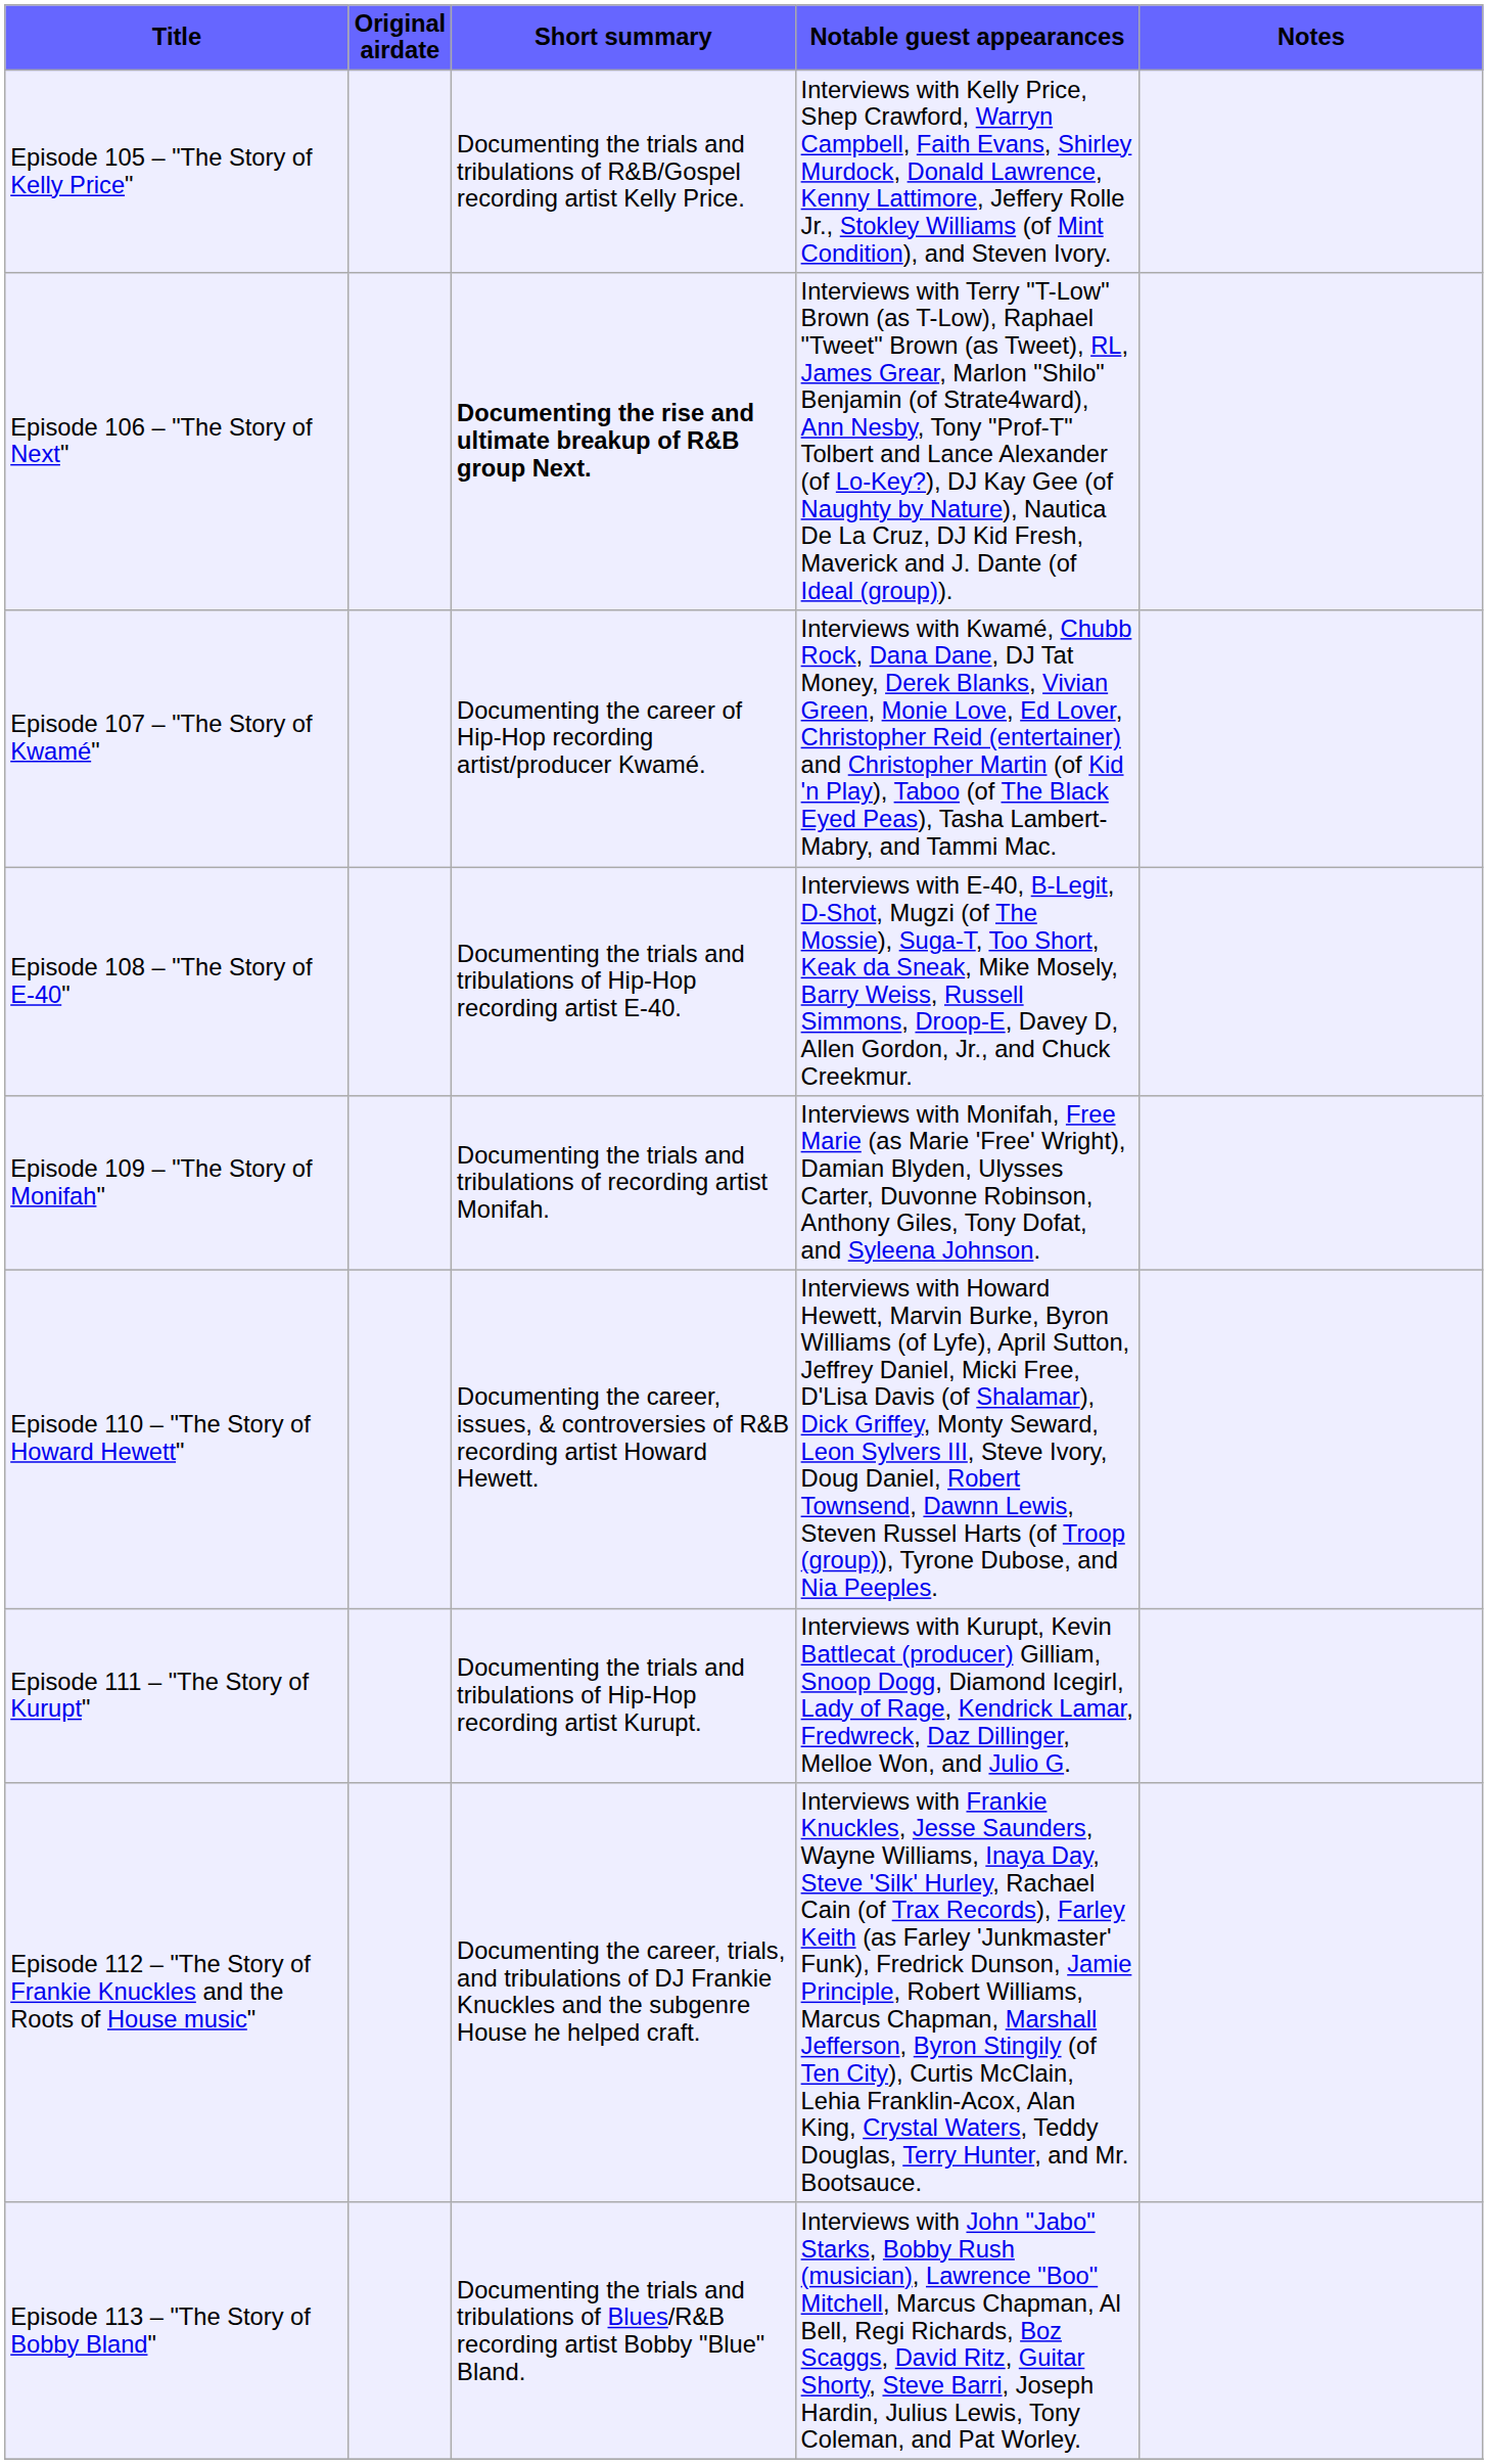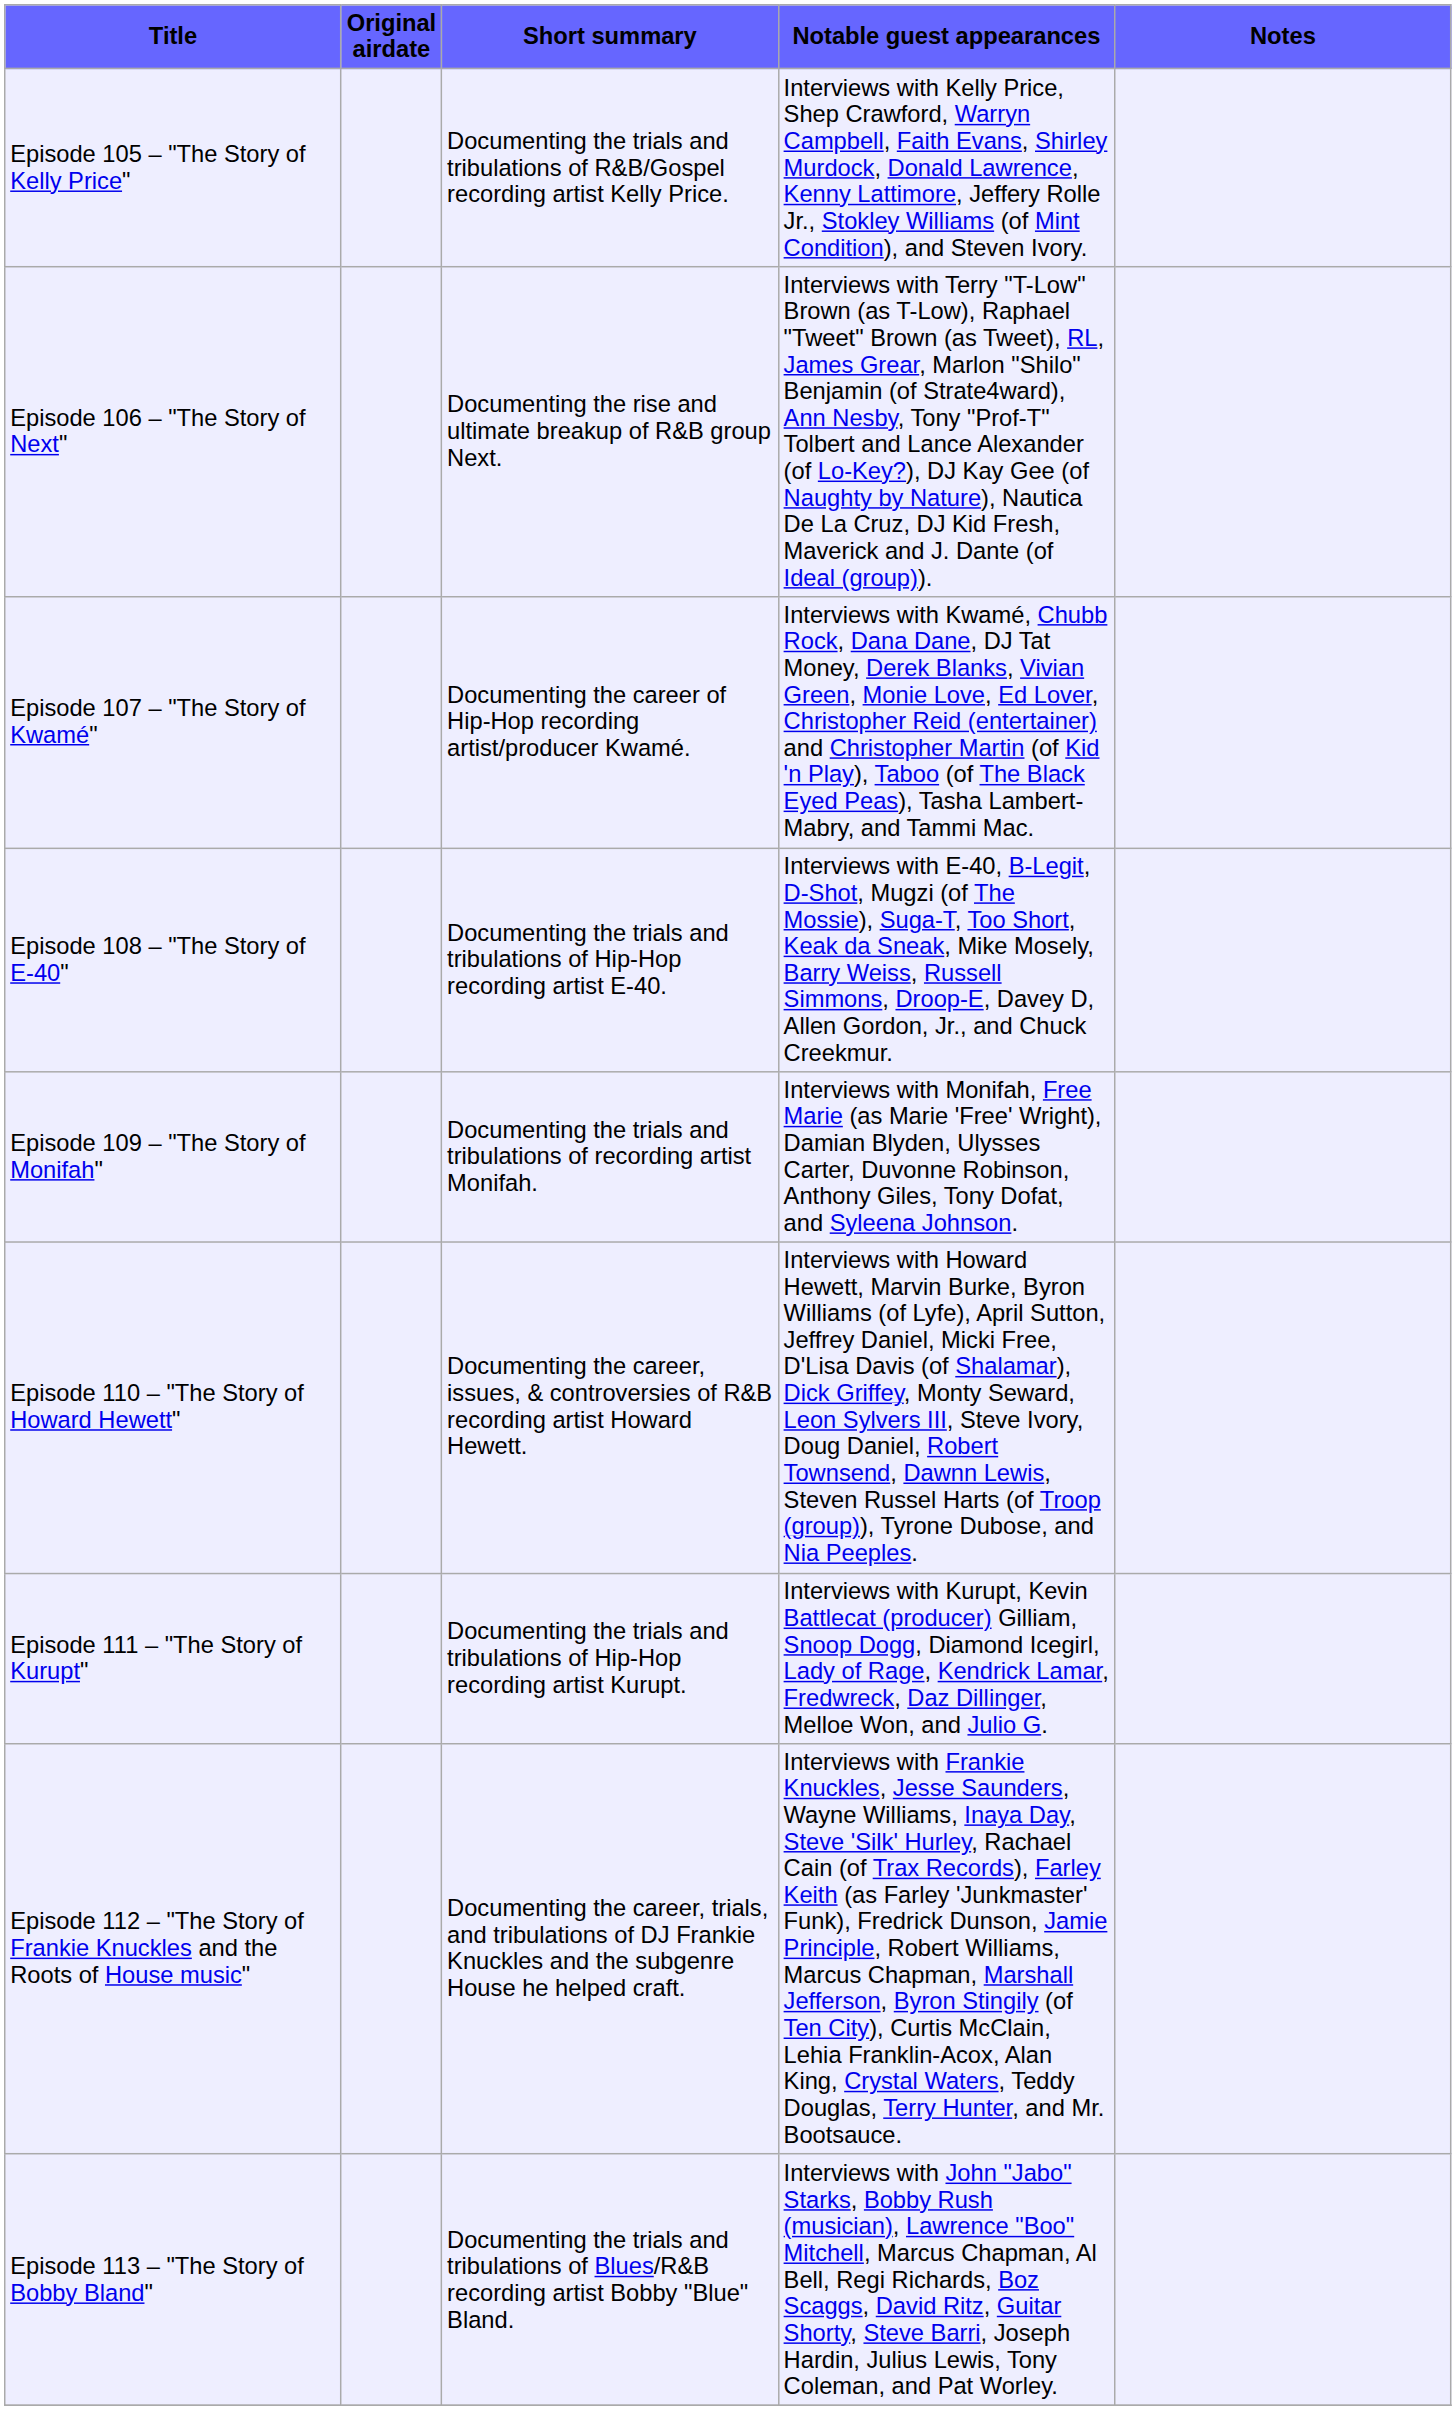 <table class="wikitable" style="background:#EEEEFF">
 <tr>
 <th scope="col" style="background-color: #6666FF" width="220">Title</th>
 <th scope="col" style="background-color: #6666FF" width="40pt">Original airdate</th>
 <th scope="col" style="background-color: #6666FF" width="220">Short summary</th>
 <th scope="col" style="background-color: #6666FF" width="220">Notable guest appearances</th>
 <th scope="col" style="background-color: #6666FF" width="220">Notes</th>
 </tr>
 <tr>
 <td>Episode 105 – "The Story of <a href='#'>Kelly Price</a>"</td>
 <td></td>
 <td>Documenting the trials and tribulations of R&B/Gospel recording artist Kelly Price.</td>
 <td>Interviews with Kelly Price, Shep Crawford, <a href='#'>Warryn Campbell</a>, <a href='#'>Faith Evans</a>, <a href='#'>Shirley Murdock</a>, <a href='#'>Donald Lawrence</a>, <a href='#'>Kenny Lattimore</a>, Jeffery Rolle Jr., <a href='#'>Stokley Williams</a> (of <a href='#'>Mint Condition</a>), and Steven Ivory.</td>
 <td></td>
 </tr>
 <tr>
 <td>Episode 106 – "The Story of <a href='#'>Next</a>"</td>
 <td></td>
-<td><strong>Documenting the rise and ultimate breakup of R&B group Next.</strong></td>
+<td>Documenting the rise and ultimate breakup of R&B group Next.</td>
 <td>Interviews with Terry "T-Low" Brown (as T-Low), Raphael "Tweet" Brown (as Tweet), <a href='#'>RL</a>, <a href='#'>James Grear</a>, Marlon "Shilo" Benjamin (of Strate4ward), <a href='#'>Ann Nesby</a>, Tony "Prof-T" Tolbert and Lance Alexander (of <a href='#'>Lo-Key?</a>), DJ Kay Gee (of <a href='#'>Naughty by Nature</a>), Nautica De La Cruz, DJ Kid Fresh, Maverick and J. Dante (of <a href='#'>Ideal (group)</a>).</td>
 <td></td>
 </tr>
 <tr>
 <td>Episode 107 – "The Story of <a href='#'>Kwamé</a>"</td>
 <td></td>
 <td>Documenting the career of Hip-Hop recording artist/producer Kwamé.</td>
 <td>Interviews with Kwamé, <a href='#'>Chubb Rock</a>, <a href='#'>Dana Dane</a>, DJ Tat Money, <a href='#'>Derek Blanks</a>, <a href='#'>Vivian Green</a>, <a href='#'>Monie Love</a>, <a href='#'>Ed Lover</a>, <a href='#'>Christopher Reid (entertainer)</a> and <a href='#'>Christopher Martin</a> (of <a href='#'>Kid 'n Play</a>), <a href='#'>Taboo</a> (of <a href='#'>The Black Eyed Peas</a>), Tasha Lambert-Mabry, and Tammi Mac.</td>
 <td></td>
 </tr>
 <tr>
 <td>Episode 108 – "The Story of <a href='#'>E-40</a>"</td>
 <td></td>
 <td>Documenting the trials and tribulations of Hip-Hop recording artist E-40.</td>
 <td>Interviews with E-40, <a href='#'>B-Legit</a>, <a href='#'>D-Shot</a>, Mugzi (of <a href='#'>The Mossie</a>), <a href='#'>Suga-T</a>, <a href='#'>Too Short</a>, <a href='#'>Keak da Sneak</a>, Mike Mosely, <a href='#'>Barry Weiss</a>, <a href='#'>Russell Simmons</a>, <a href='#'>Droop-E</a>, Davey D, Allen Gordon, Jr., and Chuck Creekmur.</td>
 <td></td>
 </tr>
 <tr>
 <td>Episode 109 – "The Story of <a href='#'>Monifah</a>"</td>
 <td></td>
 <td>Documenting the trials and tribulations of recording artist Monifah.</td>
 <td>Interviews with Monifah, <a href='#'>Free Marie</a> (as Marie 'Free' Wright), Damian Blyden, Ulysses Carter, Duvonne Robinson, Anthony Giles, Tony Dofat, and <a href='#'>Syleena Johnson</a>.</td>
 <td></td>
 </tr>
 <tr>
 <td>Episode 110 – "The Story of <a href='#'>Howard Hewett</a>"</td>
 <td></td>
 <td>Documenting the career, issues, & controversies of R&B recording artist Howard Hewett.</td>
 <td>Interviews with Howard Hewett, Marvin Burke, Byron Williams (of Lyfe), April Sutton, Jeffrey Daniel, Micki Free, D'Lisa Davis (of <a href='#'>Shalamar</a>), <a href='#'>Dick Griffey</a>, Monty Seward, <a href='#'>Leon Sylvers III</a>, Steve Ivory, Doug Daniel, <a href='#'>Robert Townsend</a>, <a href='#'>Dawnn Lewis</a>, Steven Russel Harts (of <a href='#'>Troop (group)</a>), Tyrone Dubose, and <a href='#'>Nia Peeples</a>.</td>
 <td></td>
 </tr>
 <tr>
 <td>Episode 111 – "The Story of <a href='#'>Kurupt</a>"</td>
 <td></td>
 <td>Documenting the trials and tribulations of Hip-Hop recording artist Kurupt.</td>
 <td>Interviews with Kurupt, Kevin <a href='#'>Battlecat (producer)</a> Gilliam, <a href='#'>Snoop Dogg</a>, Diamond Icegirl, <a href='#'>Lady of Rage</a>, <a href='#'>Kendrick Lamar</a>, <a href='#'>Fredwreck</a>, <a href='#'>Daz Dillinger</a>, Melloe Won, and <a href='#'>Julio G</a>.</td>
 <td></td>
 </tr>
 <tr>
 <td>Episode 112 – "The Story of <a href='#'>Frankie Knuckles</a> and the Roots of <a href='#'>House music</a>"</td>
 <td></td>
 <td>Documenting the career, trials, and tribulations of DJ Frankie Knuckles and the subgenre House he helped craft.</td>
 <td>Interviews with <a href='#'>Frankie Knuckles</a>, <a href='#'>Jesse Saunders</a>, Wayne Williams, <a href='#'>Inaya Day</a>, <a href='#'>Steve 'Silk' Hurley</a>, Rachael Cain (of <a href='#'>Trax Records</a>), <a href='#'>Farley Keith</a> (as Farley 'Junkmaster' Funk), Fredrick Dunson, <a href='#'>Jamie Principle</a>, Robert Williams, Marcus Chapman, <a href='#'>Marshall Jefferson</a>, <a href='#'>Byron Stingily</a> (of <a href='#'>Ten City</a>), Curtis McClain, Lehia Franklin-Acox, Alan King, <a href='#'>Crystal Waters</a>, Teddy Douglas, <a href='#'>Terry Hunter</a>, and Mr. Bootsauce.</td>
 <td></td>
 </tr>
 <tr>
 <td>Episode 113 – "The Story of <a href='#'>Bobby Bland</a>"</td>
 <td></td>
 <td>Documenting the trials and tribulations of <a href='#'>Blues</a>/R&B recording artist Bobby "Blue" Bland.</td>
 <td>Interviews with <a href='#'>John "Jabo" Starks</a>, <a href='#'>Bobby Rush (musician)</a>, <a href='#'>Lawrence "Boo" Mitchell</a>, Marcus Chapman, Al Bell, Regi Richards, <a href='#'>Boz Scaggs</a>, <a href='#'>David Ritz</a>, <a href='#'>Guitar Shorty</a>, <a href='#'>Steve Barri</a>, Joseph Hardin, Julius Lewis, Tony Coleman, and Pat Worley.</td>
 <td></td>
 </tr>
 <tr }>
 </tr>
 <tr>
 </tr>
 </table>
